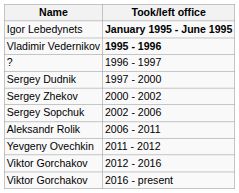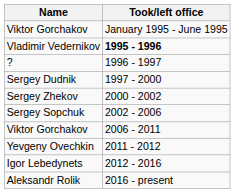 <table class="wikitable">
 <tr>
 <th>Name</th>
 <th>Took/left office</th>
 </tr>
 <tr>
-<td>Igor Lebedynets</td>
-<td><strong>January 1995 - June 1995</strong></td>
+<td>Viktor Gorchakov</td>
+<td>January 1995 - June 1995</td>
 </tr>
 <tr>
 <td>Vladimir Vedernikov</td>
 <td><strong>1995 - 1996</strong></td>
 </tr>
 <tr>
 <td>?</td>
 <td>1996 - 1997</td>
 </tr>
 <tr>
 <td>Sergey Dudnik</td>
 <td>1997 - 2000</td>
 </tr>
 <tr>
 <td>Sergey Zhekov</td>
 <td>2000 - 2002</td>
 </tr>
 <tr>
 <td>Sergey Sopchuk</td>
 <td>2002 - 2006</td>
 </tr>
 <tr>
-<td>Aleksandr Rolik</td>
+<td>Viktor Gorchakov</td>
 <td>2006 - 2011</td>
 </tr>
 <tr>
 <td>Yevgeny Ovechkin</td>
 <td>2011 - 2012</td>
 </tr>
 <tr>
-<td>Viktor Gorchakov</td>
+<td>Igor Lebedynets</td>
 <td>2012 - 2016</td>
 </tr>
 <tr>
-<td>Viktor Gorchakov</td>
+<td>Aleksandr Rolik</td>
 <td>2016 - present</td>
 </tr>
 </table>
